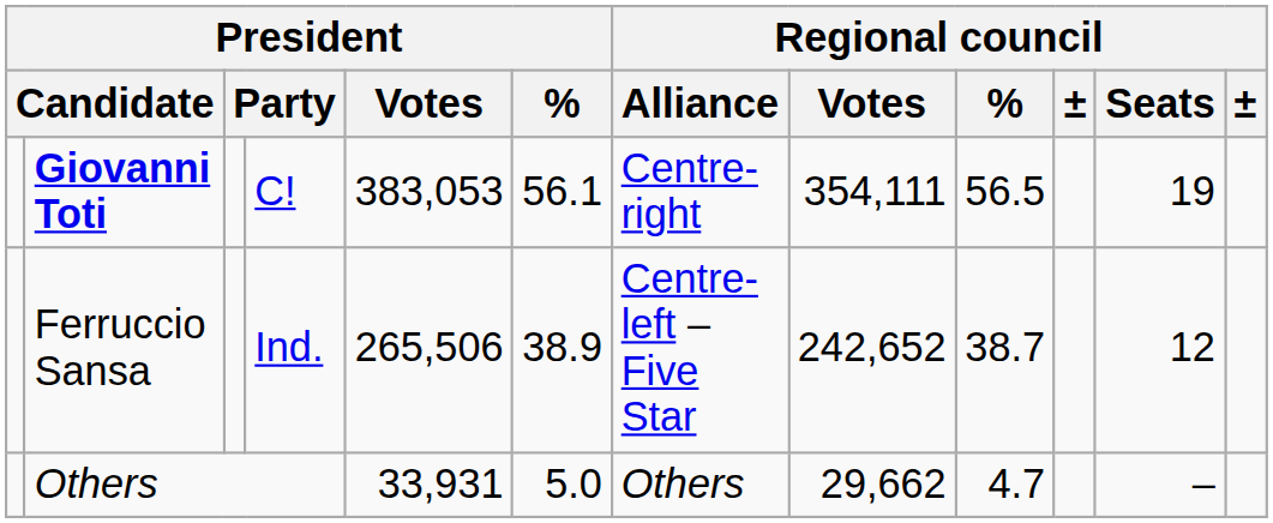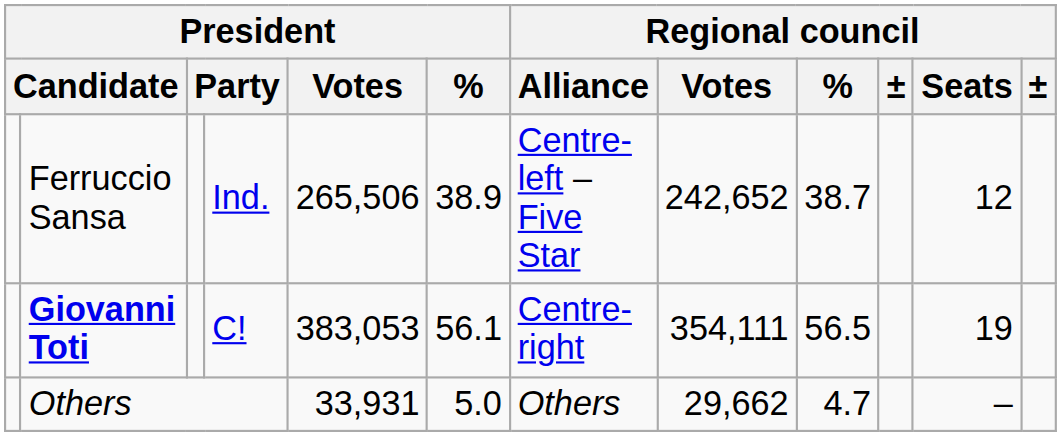 <table class="wikitable" style="text-align:right; style="width=70%">
 <tr>
 <th colspan="6">President</th>
 <th colspan="6">Regional council</th>
 </tr>
 <tr>
 <th colspan="2">Candidate</th>
 <th colspan="2">Party</th>
 <th>Votes</th>
 <th>%</th>
 <th>Alliance</th>
 <th>Votes</th>
 <th>%</th>
 <th>±</th>
 <th>Seats</th>
 <th>±</th>
 </tr>
 <tr>
 <td></td>
+<td style="text-align:left">Ferruccio Sansa</td>
+<td></td>
+<td style="text-align:left"><a href='#'>Ind.</a></td>
+<td>265,506</td>
+<td>38.9</td>
+<td style="text-align:left"><a href='#'>Centre-left</a> – <a href='#'>Five Star</a></td>
+<td>242,652</td>
+<td>38.7</td>
+<td></td>
+<td>12</td>
+<td></td>
+</tr>
+<tr>
+<td></td>
 <td style="text-align:left"><strong><a href='#'>Giovanni Toti</a></strong></td>
 <td></td>
 <td style="text-align:left"><a href='#'>C!</a></td>
 <td>383,053</td>
 <td>56.1</td>
 <td style="text-align:left"><a href='#'>Centre-right</a></td>
 <td>354,111</td>
 <td>56.5</td>
 <td></td>
 <td>19</td>
-<td></td>
-</tr>
-<tr>
-<td></td>
-<td style="text-align:left">Ferruccio Sansa</td>
-<td></td>
-<td style="text-align:left"><a href='#'>Ind.</a></td>
-<td>265,506</td>
-<td>38.9</td>
-<td style="text-align:left"><a href='#'>Centre-left</a> – <a href='#'>Five Star</a></td>
-<td>242,652</td>
-<td>38.7</td>
-<td></td>
-<td>12</td>
 <td></td>
 </tr>
 <tr>
 <td></td>
 <td colspan="3" style="text-align:left"><em>Others</em></td>
 <td>33,931</td>
 <td>5.0</td>
 <td style="text-align:left"><em>Others</em></td>
 <td>29,662</td>
 <td>4.7</td>
 <td></td>
 <td>–</td>
 <td></td>
 </tr>
 </table>
